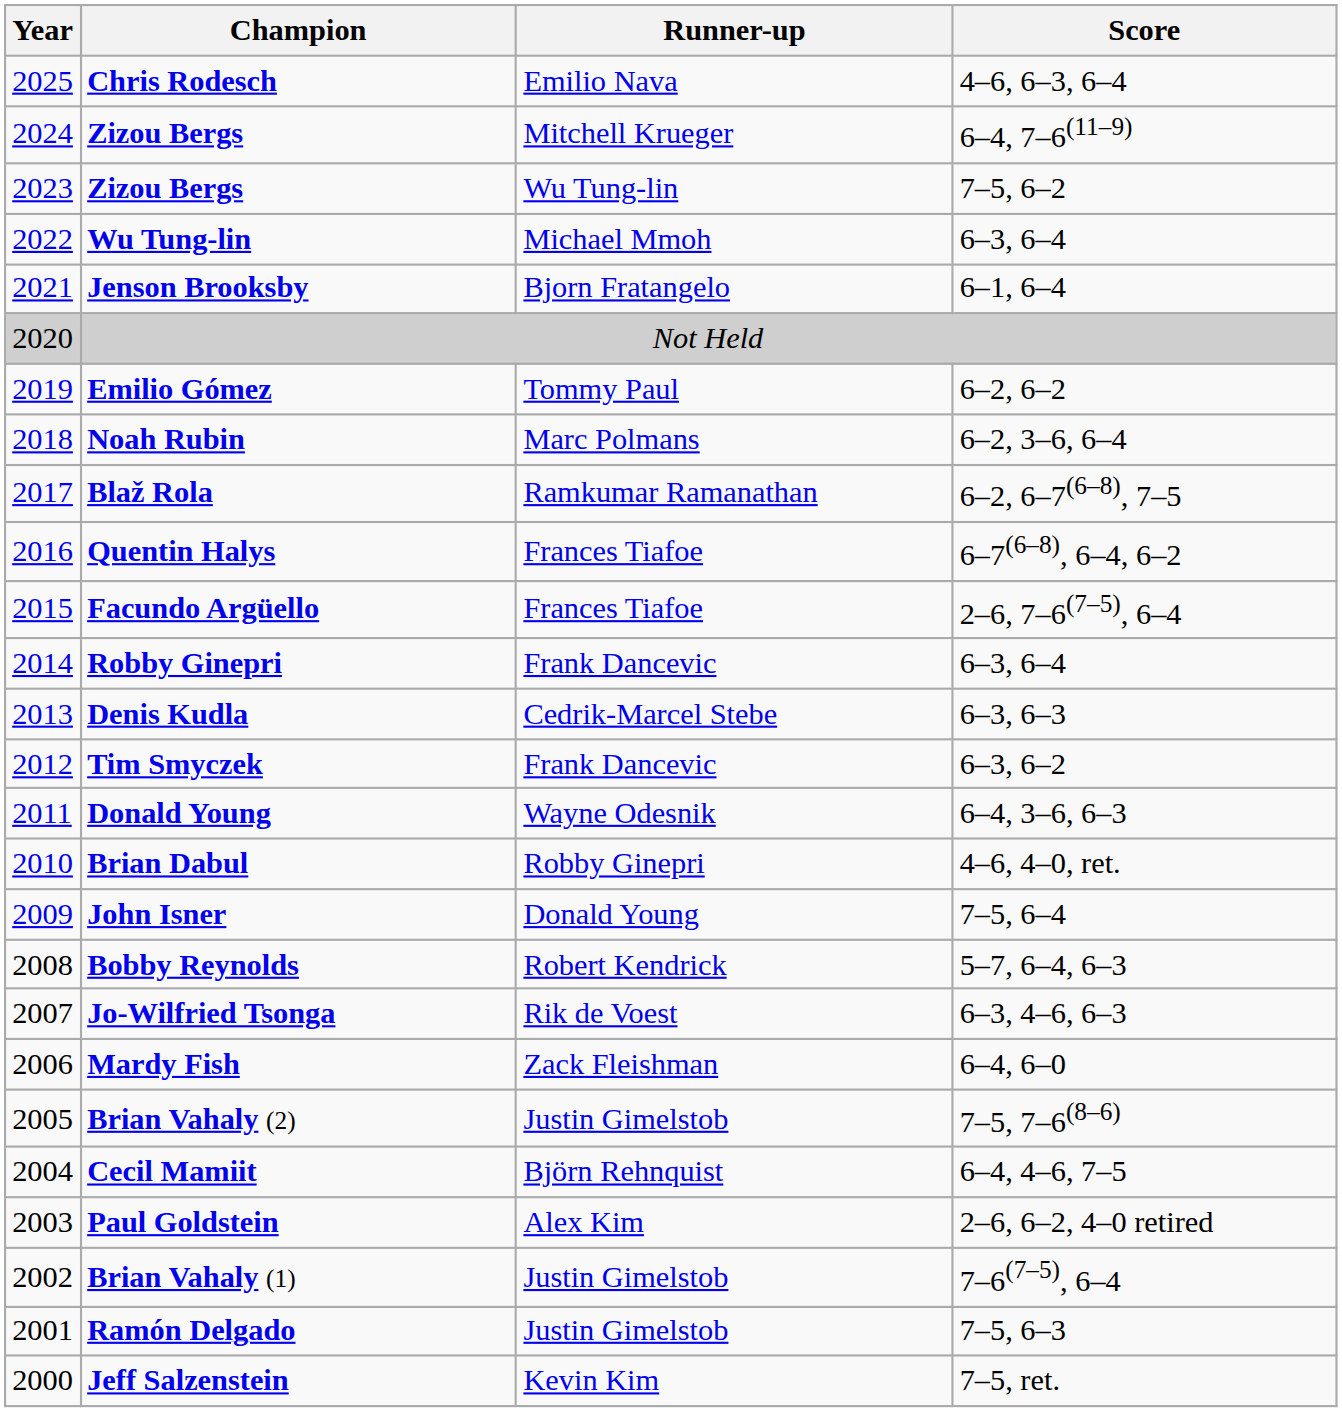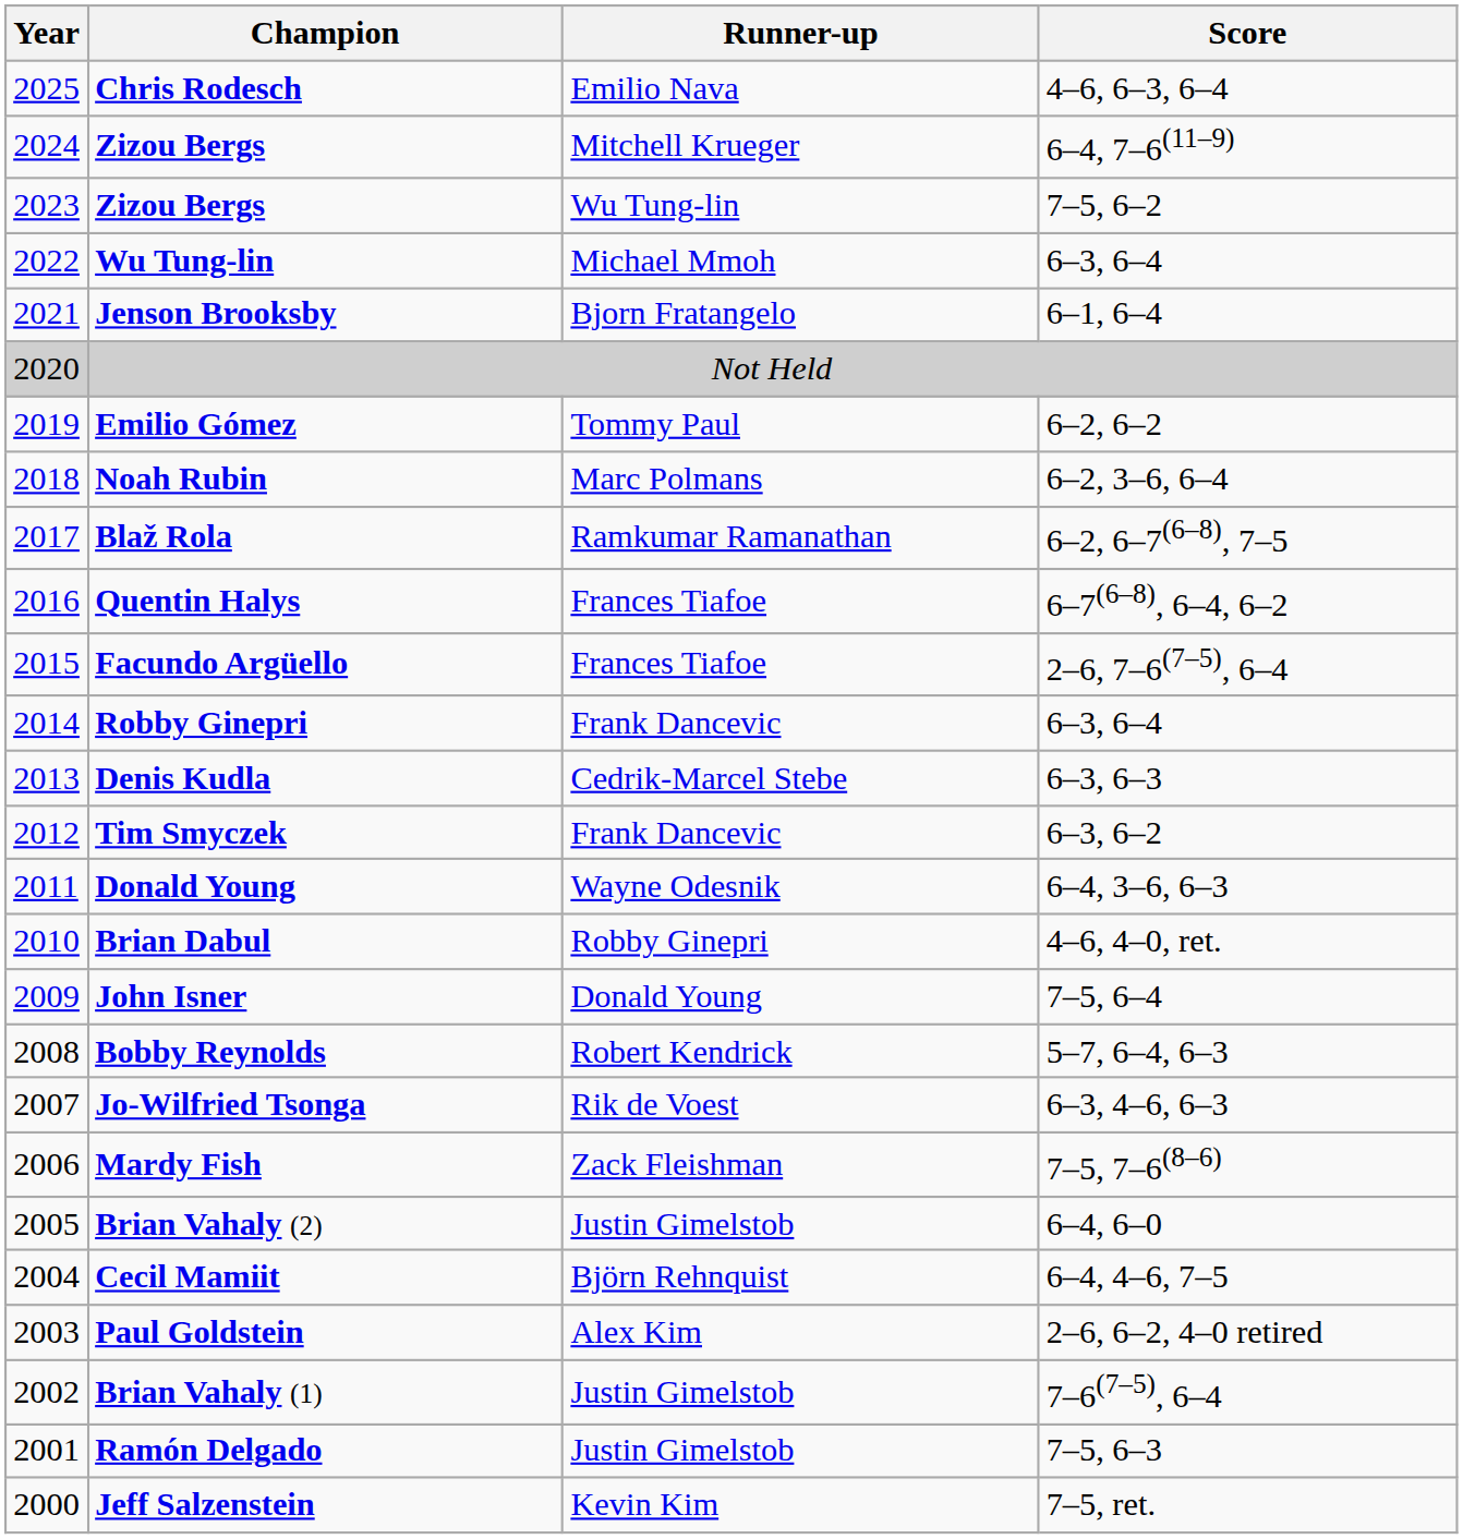 <table class="wikitable" style="font-size:90%">
 <tr>
 <th>Year</th>
 <th width="200">Champion</th>
 <th width="200">Runner-up</th>
 <th width="175">Score</th>
 </tr>
 <tr>
 <td><a href='#'>2025</a></td>
 <td> <strong><a href='#'>Chris Rodesch</a></strong></td>
 <td> <a href='#'>Emilio Nava</a></td>
 <td>4–6, 6–3, 6–4</td>
 </tr>
 <tr>
 <td><a href='#'>2024</a></td>
 <td> <strong><a href='#'>Zizou Bergs</a></strong></td>
 <td> <a href='#'>Mitchell Krueger</a></td>
 <td>6–4, 7–6<sup>(11–9)</sup></td>
 </tr>
 <tr>
 <td><a href='#'>2023</a></td>
 <td> <strong><a href='#'>Zizou Bergs</a></strong></td>
 <td> <a href='#'>Wu Tung-lin</a></td>
 <td>7–5, 6–2</td>
 </tr>
 <tr>
 <td><a href='#'>2022</a></td>
 <td> <strong><a href='#'>Wu Tung-lin</a></strong></td>
 <td> <a href='#'>Michael Mmoh</a></td>
 <td>6–3, 6–4</td>
 </tr>
 <tr>
 <td><a href='#'>2021</a></td>
 <td> <strong><a href='#'>Jenson Brooksby</a></strong></td>
 <td> <a href='#'>Bjorn Fratangelo</a></td>
 <td>6–1, 6–4</td>
 </tr>
 <tr>
 <td style="background:#cfcfcf">2020</td>
 <td colspan=3 align=center style="background:#cfcfcf"><em>Not Held</em></td>
 </tr>
 <tr>
 <td><a href='#'>2019</a></td>
 <td> <strong><a href='#'>Emilio Gómez</a></strong></td>
 <td> <a href='#'>Tommy Paul</a></td>
 <td>6–2, 6–2</td>
 </tr>
 <tr>
 <td><a href='#'>2018</a></td>
 <td> <strong><a href='#'>Noah Rubin</a></strong></td>
 <td> <a href='#'>Marc Polmans</a></td>
 <td>6–2, 3–6, 6–4</td>
 </tr>
 <tr>
 <td><a href='#'>2017</a></td>
 <td> <strong><a href='#'>Blaž Rola</a></strong></td>
 <td> <a href='#'>Ramkumar Ramanathan</a></td>
 <td>6–2, 6–7<sup>(6–8)</sup>, 7–5</td>
 </tr>
 <tr>
 <td><a href='#'>2016</a></td>
 <td> <strong><a href='#'>Quentin Halys</a></strong></td>
 <td> <a href='#'>Frances Tiafoe</a></td>
 <td>6–7<sup>(6–8)</sup>, 6–4, 6–2</td>
 </tr>
 <tr>
 <td><a href='#'>2015</a></td>
 <td> <strong><a href='#'>Facundo Argüello</a></strong></td>
 <td> <a href='#'>Frances Tiafoe</a></td>
 <td>2–6, 7–6<sup>(7–5)</sup>, 6–4</td>
 </tr>
 <tr>
 <td><a href='#'>2014</a></td>
 <td> <strong><a href='#'>Robby Ginepri</a></strong></td>
 <td> <a href='#'>Frank Dancevic</a></td>
 <td>6–3, 6–4</td>
 </tr>
 <tr>
 <td><a href='#'>2013</a></td>
 <td> <strong><a href='#'>Denis Kudla</a></strong></td>
 <td> <a href='#'>Cedrik-Marcel Stebe</a></td>
 <td>6–3, 6–3</td>
 </tr>
 <tr>
 <td><a href='#'>2012</a></td>
 <td> <strong><a href='#'>Tim Smyczek</a></strong></td>
 <td> <a href='#'>Frank Dancevic</a></td>
 <td>6–3, 6–2</td>
 </tr>
 <tr>
 <td><a href='#'>2011</a></td>
 <td> <strong><a href='#'>Donald Young</a></strong></td>
 <td> <a href='#'>Wayne Odesnik</a></td>
 <td>6–4, 3–6, 6–3</td>
 </tr>
 <tr>
 <td><a href='#'>2010</a></td>
 <td> <strong><a href='#'>Brian Dabul</a></strong></td>
 <td> <a href='#'>Robby Ginepri</a></td>
 <td>4–6, 4–0, ret.</td>
 </tr>
 <tr>
 <td><a href='#'>2009</a></td>
 <td> <strong><a href='#'>John Isner</a></strong></td>
 <td> <a href='#'>Donald Young</a></td>
 <td>7–5, 6–4</td>
 </tr>
 <tr>
 <td>2008</td>
 <td> <strong><a href='#'>Bobby Reynolds</a></strong></td>
 <td> <a href='#'>Robert Kendrick</a></td>
 <td>5–7, 6–4, 6–3</td>
 </tr>
 <tr>
 <td>2007</td>
 <td> <strong><a href='#'>Jo-Wilfried Tsonga</a></strong></td>
 <td> <a href='#'>Rik de Voest</a></td>
 <td>6–3, 4–6, 6–3</td>
 </tr>
 <tr>
 <td>2006</td>
 <td> <strong><a href='#'>Mardy Fish</a></strong></td>
 <td> <a href='#'>Zack Fleishman</a></td>
-<td>6–4, 6–0</td>
+<td>7–5, 7–6<sup>(8–6)</sup></td>
 </tr>
 <tr>
 <td>2005</td>
 <td> <strong><a href='#'>Brian Vahaly</a></strong> <small>(2)</small></td>
 <td> <a href='#'>Justin Gimelstob</a></td>
-<td>7–5, 7–6<sup>(8–6)</sup></td>
+<td>6–4, 6–0</td>
 </tr>
 <tr>
 <td>2004</td>
 <td> <strong><a href='#'>Cecil Mamiit</a></strong></td>
 <td> <a href='#'>Björn Rehnquist</a></td>
 <td>6–4, 4–6, 7–5</td>
 </tr>
 <tr>
 <td>2003</td>
 <td> <strong><a href='#'>Paul Goldstein</a></strong></td>
 <td> <a href='#'>Alex Kim</a></td>
 <td>2–6, 6–2, 4–0 retired</td>
 </tr>
 <tr>
 <td>2002</td>
 <td> <strong><a href='#'>Brian Vahaly</a></strong> <small>(1)</small></td>
 <td> <a href='#'>Justin Gimelstob</a></td>
 <td>7–6<sup>(7–5)</sup>, 6–4</td>
 </tr>
 <tr>
 <td>2001</td>
 <td> <strong><a href='#'>Ramón Delgado</a></strong></td>
 <td> <a href='#'>Justin Gimelstob</a></td>
 <td>7–5, 6–3</td>
 </tr>
 <tr>
 <td>2000</td>
 <td> <strong><a href='#'>Jeff Salzenstein</a></strong></td>
 <td> <a href='#'>Kevin Kim</a></td>
 <td>7–5, ret.</td>
 </tr>
 </table>
